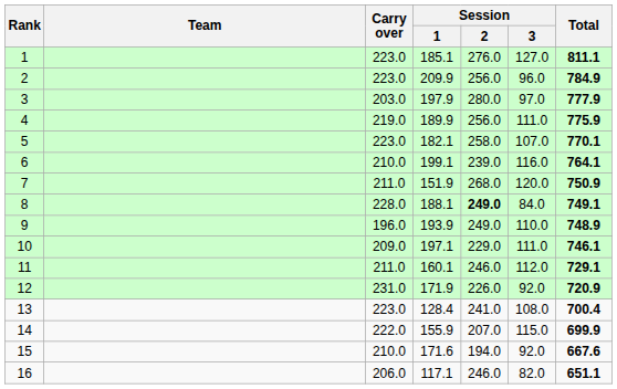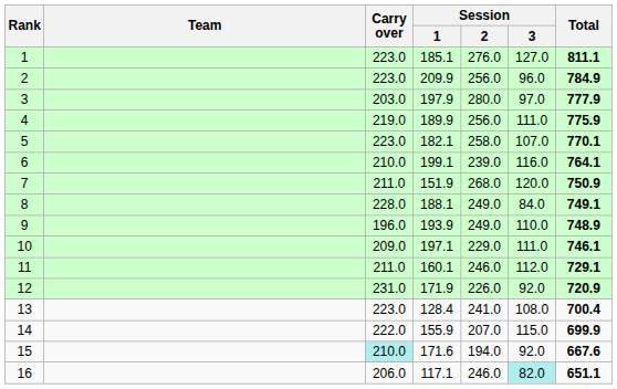 <table class=wikitable style="text-align:center">
 <tr>
 <th rowspan="2" width=40>Rank</th>
 <th rowspan="2" width=380>Team</th>
 <th rowspan=2 width=50>Carry over</th>
 <th colspan=3>Session</th>
 <th rowspan=2 width=60>Total</th>
 </tr>
 <tr>
 <th width=50>1</th>
 <th width=50>2</th>
 <th width=50>3</th>
 </tr>
 <tr bgcolor="ccffcc">
 <td>1</td>
 <td align=left></td>
 <td>223.0</td>
 <td>185.1</td>
 <td>276.0</td>
 <td>127.0</td>
 <td><strong>811.1</strong></td>
 </tr>
 <tr bgcolor="ccffcc">
 <td>2</td>
 <td align=left></td>
 <td>223.0</td>
 <td>209.9</td>
 <td>256.0</td>
 <td>96.0</td>
 <td><strong>784.9</strong></td>
 </tr>
 <tr bgcolor="ccffcc">
 <td>3</td>
 <td align=left></td>
 <td>203.0</td>
 <td>197.9</td>
 <td>280.0</td>
 <td>97.0</td>
 <td><strong>777.9</strong></td>
 </tr>
 <tr bgcolor="ccffcc">
 <td>4</td>
 <td align=left></td>
 <td>219.0</td>
 <td>189.9</td>
 <td>256.0</td>
 <td>111.0</td>
 <td><strong>775.9</strong></td>
 </tr>
 <tr bgcolor="ccffcc">
 <td>5</td>
 <td align=left></td>
 <td>223.0</td>
 <td>182.1</td>
 <td>258.0</td>
 <td>107.0</td>
 <td><strong>770.1</strong></td>
 </tr>
 <tr bgcolor="ccffcc">
 <td>6</td>
 <td align=left></td>
 <td>210.0</td>
 <td>199.1</td>
 <td>239.0</td>
 <td>116.0</td>
 <td><strong>764.1</strong></td>
 </tr>
 <tr bgcolor="ccffcc">
 <td>7</td>
 <td align=left></td>
 <td>211.0</td>
 <td>151.9</td>
 <td>268.0</td>
 <td>120.0</td>
 <td><strong>750.9</strong></td>
 </tr>
 <tr bgcolor="ccffcc">
 <td>8</td>
 <td align=left></td>
 <td>228.0</td>
 <td>188.1</td>
-<td><strong>249.0</strong></td>
+<td>249.0</td>
 <td>84.0</td>
 <td><strong>749.1</strong></td>
 </tr>
 <tr bgcolor="ccffcc">
 <td>9</td>
 <td align=left></td>
 <td>196.0</td>
 <td>193.9</td>
 <td>249.0</td>
 <td>110.0</td>
 <td><strong>748.9</strong></td>
 </tr>
 <tr bgcolor="ccffcc">
 <td>10</td>
 <td align=left></td>
 <td>209.0</td>
 <td>197.1</td>
 <td>229.0</td>
 <td>111.0</td>
 <td><strong>746.1</strong></td>
 </tr>
 <tr bgcolor="ccffcc">
 <td>11</td>
 <td align=left></td>
 <td>211.0</td>
 <td>160.1</td>
 <td>246.0</td>
 <td>112.0</td>
 <td><strong>729.1</strong></td>
 </tr>
 <tr bgcolor="ccffcc">
 <td>12</td>
 <td align=left></td>
 <td>231.0</td>
 <td>171.9</td>
 <td>226.0</td>
 <td>92.0</td>
 <td><strong>720.9</strong></td>
 </tr>
 <tr>
 <td>13</td>
 <td align=left></td>
 <td>223.0</td>
 <td>128.4</td>
 <td>241.0</td>
 <td>108.0</td>
 <td><strong>700.4</strong></td>
 </tr>
 <tr>
 <td>14</td>
 <td align=left></td>
 <td>222.0</td>
 <td>155.9</td>
 <td>207.0</td>
 <td>115.0</td>
 <td><strong>699.9</strong></td>
 </tr>
 <tr>
 <td>15</td>
 <td align=left></td>
-<td>210.0</td>
+<td style="background: paleturquoise;">210.0</td>
 <td>171.6</td>
 <td>194.0</td>
 <td>92.0</td>
 <td><strong>667.6</strong></td>
 </tr>
 <tr>
 <td>16</td>
 <td align=left></td>
 <td>206.0</td>
 <td>117.1</td>
 <td>246.0</td>
-<td>82.0</td>
+<td style="background: paleturquoise;">82.0</td>
 <td><strong>651.1</strong></td>
 </tr>
 </table>
